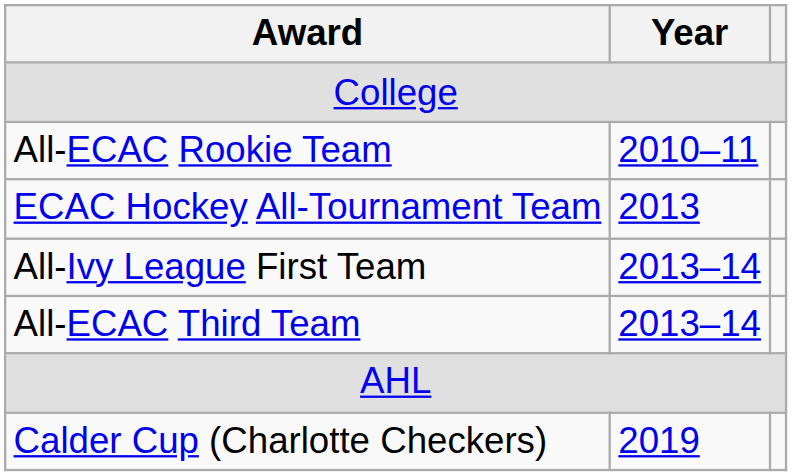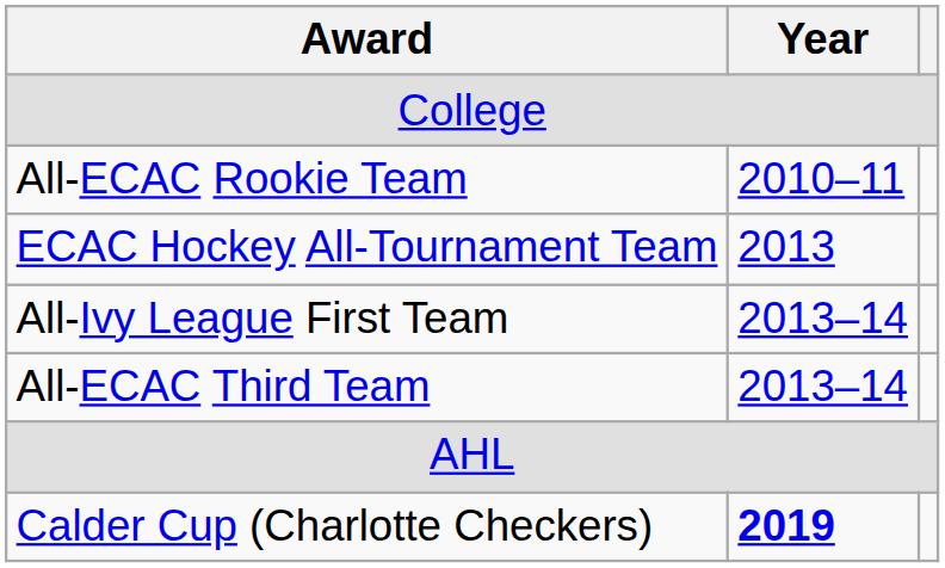 <table class="wikitable">
 <tr>
 <th>Award</th>
 <th>Year</th>
 <th></th>
 </tr>
 <tr ALIGN="center" bgcolor="#e0e0e0">
 <td colspan="3"><a href='#'>College</a></td>
 </tr>
 <tr>
 <td>All-<a href='#'>ECAC</a> <a href='#'>Rookie Team</a></td>
 <td><a href='#'>2010–11</a></td>
 <td></td>
 </tr>
 <tr>
 <td><a href='#'>ECAC Hockey</a> <a href='#'>All-Tournament Team</a></td>
 <td><a href='#'>2013</a></td>
 <td></td>
 </tr>
 <tr>
 <td>All-<a href='#'>Ivy League</a> First Team</td>
 <td><a href='#'>2013–14</a></td>
 <td></td>
 </tr>
 <tr>
 <td>All-<a href='#'>ECAC</a> <a href='#'>Third Team</a></td>
 <td><a href='#'>2013–14</a></td>
 <td></td>
 </tr>
 <tr ALIGN="center" bgcolor="#e0e0e0">
 <td colspan="3"><a href='#'>AHL</a></td>
 </tr>
 <tr>
 <td><a href='#'>Calder Cup</a> (Charlotte Checkers)</td>
-<td><a href='#'>2019</a></td>
+<td><strong><a href='#'>2019</a></strong></td>
 <td></td>
 </tr>
 </table>
